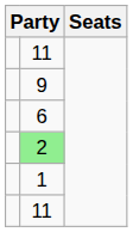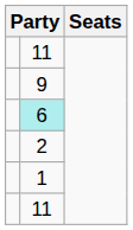 <table class="wikitable" style="font-size: 95%;">
 <tr>
 <th colspan=2>Party</th>
 <th>Seats</th>
 </tr>
 <tr>
 <td></td>
 <td align="center">11</td>
 </tr>
 <tr>
 <td></td>
 <td align="center">9</td>
 </tr>
 <tr>
 <td></td>
-<td align="center">6</td>
+<td align="center" style="background: paleturquoise;">6</td>
 </tr>
 <tr>
 <td></td>
-<td align="center" style="background: lightgreen;">2</td>
+<td align="center">2</td>
 </tr>
 <tr>
 <td></td>
 <td align="center">1</td>
 </tr>
 <tr>
 <td></td>
 <td align="center">11</td>
 </tr>
 </table>
